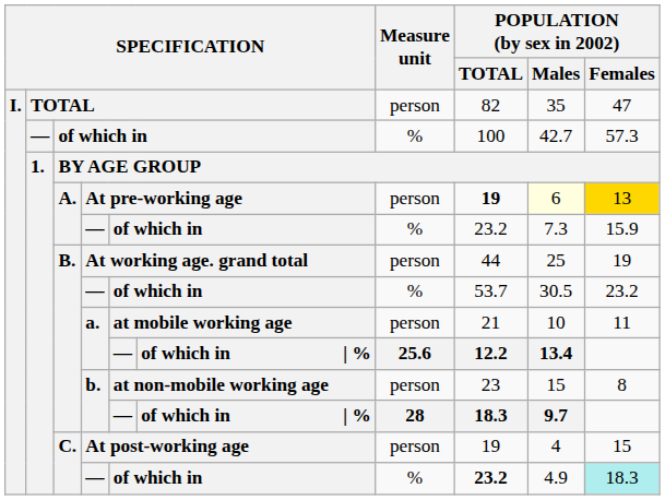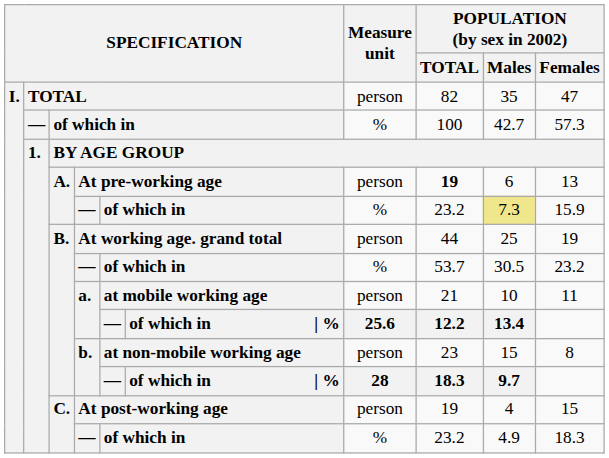 <table class="wikitable" style="font-size:85%; text-align:center">
 <tr>
 <th rowspan="2" colspan="6">SPECIFICATION</th>
 <th rowspan="2">Measure<br> unit</th>
 <th colspan="3" rowspan="1">POPULATION<br> (by sex in 2002)</th>
 </tr>
 <tr>
 <th>TOTAL</th>
 <th>Males</th>
 <th>Females</th>
 </tr>
 <tr>
 <th style="text-align:left" valign="top" rowspan="13">I.</th>
 <th style="text-align:left" colspan="5">TOTAL</th>
 <td>person</td>
 <td>82</td>
 <td>35</td>
 <td>47</td>
 </tr>
 <tr>
 <th style="text-align:left" valign="top">—</th>
 <th style="text-align:left" colspan="4">of which in</th>
 <td>%</td>
 <td>100</td>
 <td>42.7</td>
 <td>57.3</td>
 </tr>
 <tr>
 <th style="text-align:left" valign="top" rowspan="11">1.</th>
 <th style="text-align:left" colspan="19">BY AGE GROUP</th>
 </tr>
 <tr>
 <th style="text-align:left" valign="top" rowspan="2">A.</th>
 <th style="text-align:left" colspan="3">At pre-working age</th>
 <td>person</td>
 <td><strong>19</strong></td>
-<td style="background: lightyellow;">6</td>
-<td style="background: gold;">13</td>
+<td>6</td>
+<td>13</td>
 </tr>
 <tr>
 <th style="text-align:left" valign="top">—</th>
 <th style="text-align:left" valign="top" colspan="2">of which in</th>
 <td>%</td>
 <td>23.2</td>
-<td>7.3</td>
+<td style="background: khaki;">7.3</td>
 <td>15.9</td>
 </tr>
 <tr>
 <th style="text-align:left" valign="top" rowspan="6">B.</th>
 <th style="text-align:left" colspan="3">At working age. grand total</th>
 <td>person</td>
 <td>44</td>
 <td>25</td>
 <td>19</td>
 </tr>
 <tr>
 <th style="text-align:left" valign="top">—</th>
 <th style="text-align:left" valign="top" colspan="2">of which in</th>
 <td>%</td>
 <td>53.7</td>
 <td>30.5</td>
 <td>23.2</td>
 </tr>
 <tr>
 <th style="text-align:left" valign="top" rowspan="2">a.</th>
 <th style="text-align:left" colspan="2">at mobile working age</th>
 <td>person</td>
 <td>21</td>
 <td>10</td>
 <td>11</td>
 </tr>
 <tr>
 <th style="text-align:left" valign="top">—</th>
 <th style="text-align:left" valign="top" colspan="1">of which in                        | %</th>
 <th>25.6</th>
 <th>12.2</th>
 <th>13.4</th>
 </tr>
 <tr>
 <th style="text-align:left" valign="top" rowspan="2">b.</th>
 <th style="text-align:left" colspan="2">at non-mobile working age</th>
 <td>person</td>
 <td>23</td>
 <td>15</td>
 <td>8</td>
 </tr>
 <tr>
 <th style="text-align:left" valign="top">—</th>
 <th style="text-align:left" valign="top" colspan="1">of which in                        | %</th>
 <th>28</th>
 <th>18.3</th>
 <th>9.7</th>
 </tr>
 <tr>
 <th style="text-align:left" valign="top" rowspan="2">C.</th>
 <th style="text-align:left" colspan="3">At post-working age</th>
 <td>person</td>
 <td>19</td>
 <td>4</td>
 <td>15</td>
 </tr>
 <tr>
 <th style="text-align:left" valign="top">—</th>
 <th style="text-align:left" valign="top" colspan="2">of which in</th>
 <td>%</td>
-<td><strong>23.2</strong></td>
+<td>23.2</td>
 <td>4.9</td>
-<td style="background: paleturquoise;">18.3</td>
+<td>18.3</td>
 </tr>
 </table>
